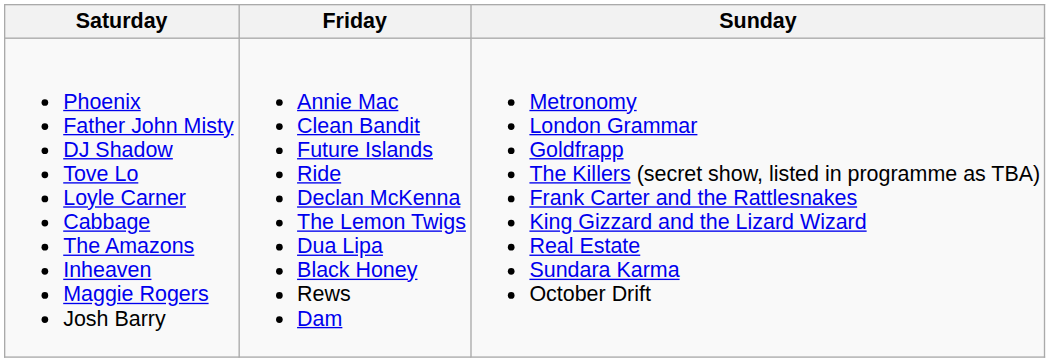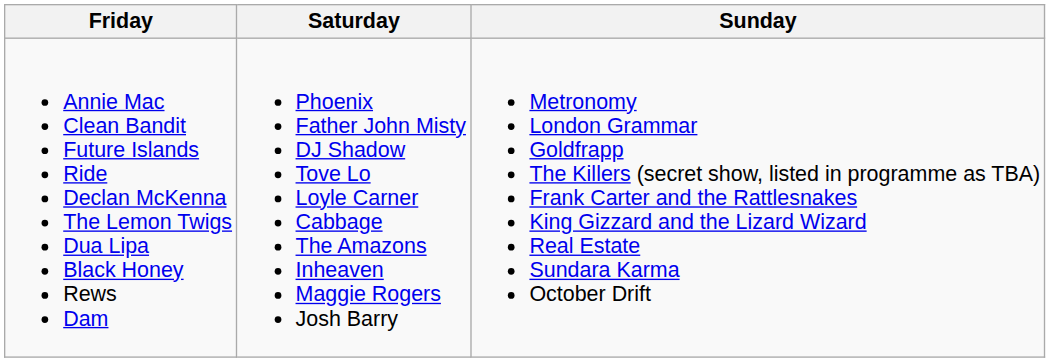 <table class="wikitable">
 <tr>
+<th>Friday</th>
 <th>Saturday</th>
-<th>Friday</th>
 <th>Sunday</th>
 </tr>
 <tr valign="top">
+<td><br><ul><li><a href='#'>Annie Mac</a></li><li><a href='#'>Clean Bandit</a></li><li><a href='#'>Future Islands</a></li><li><a href='#'>Ride</a></li><li><a href='#'>Declan McKenna</a></li><li><a href='#'>The Lemon Twigs</a></li><li><a href='#'>Dua Lipa</a></li><li><a href='#'>Black Honey</a></li><li>Rews</li><li><a href='#'>Dam</a></li></ul></td>
 <td><br><ul><li><a href='#'>Phoenix</a></li><li><a href='#'>Father John Misty</a></li><li><a href='#'>DJ Shadow</a></li><li><a href='#'>Tove Lo</a></li><li><a href='#'>Loyle Carner</a></li><li><a href='#'>Cabbage</a></li><li><a href='#'>The Amazons</a></li><li><a href='#'>Inheaven</a></li><li><a href='#'>Maggie Rogers</a></li><li>Josh Barry</li></ul></td>
-<td><br><ul><li><a href='#'>Annie Mac</a></li><li><a href='#'>Clean Bandit</a></li><li><a href='#'>Future Islands</a></li><li><a href='#'>Ride</a></li><li><a href='#'>Declan McKenna</a></li><li><a href='#'>The Lemon Twigs</a></li><li><a href='#'>Dua Lipa</a></li><li><a href='#'>Black Honey</a></li><li>Rews</li><li><a href='#'>Dam</a></li></ul></td>
 <td><br><ul><li><a href='#'>Metronomy</a></li><li><a href='#'>London Grammar</a></li><li><a href='#'>Goldfrapp</a></li><li><a href='#'>The Killers</a> (secret show, listed in programme as TBA)</li><li><a href='#'>Frank Carter and the Rattlesnakes</a></li><li><a href='#'>King Gizzard and the Lizard Wizard</a></li><li><a href='#'>Real Estate</a></li><li><a href='#'>Sundara Karma</a></li><li>October Drift</li></ul></td>
 </tr>
 </table>
